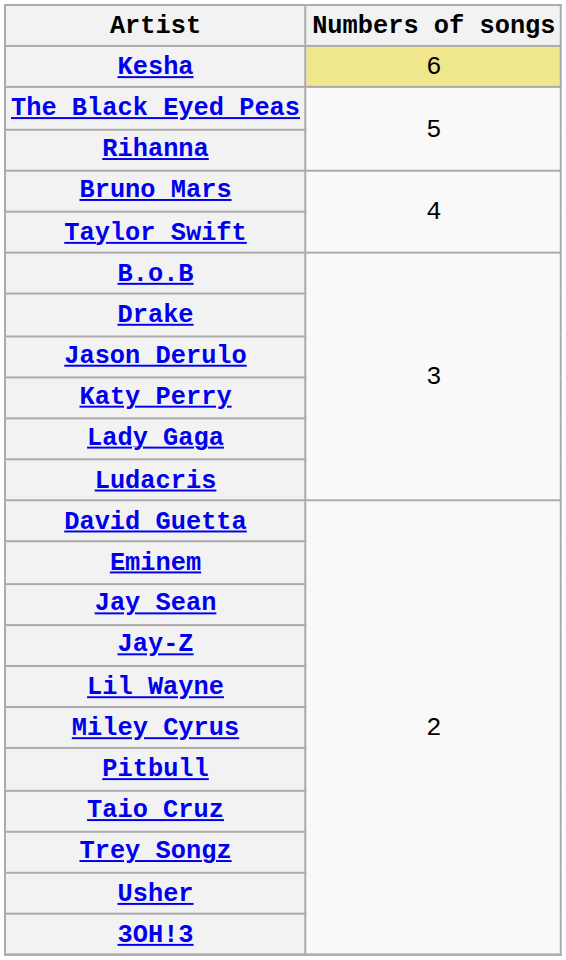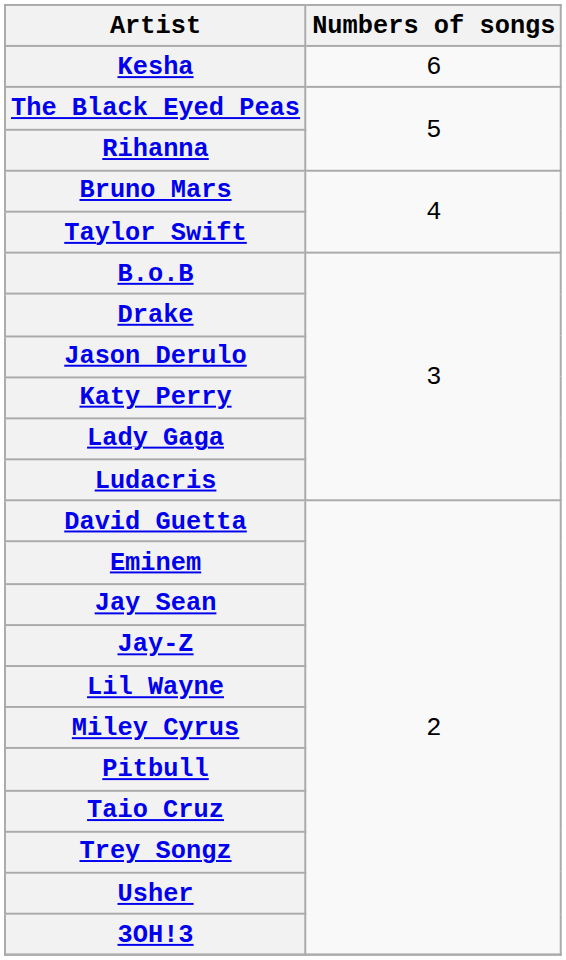 <table class="wikitable sortable plainrowheaders" style="text-align:center;">
 <tr>
 <th scope="col">Artist</th>
 <th scope="col">Numbers of songs</th>
 </tr>
 <tr>
 <th scope="row"><a href='#'>Kesha</a></th>
-<td style="background: khaki;">6</td>
+<td>6</td>
 </tr>
 <tr>
 <th scope="row"><a href='#'>The Black Eyed Peas</a></th>
 <td rowspan=2>5</td>
 </tr>
 <tr>
 <th scope="row"><a href='#'>Rihanna</a></th>
 </tr>
 <tr>
 <th scope="row"><a href='#'>Bruno Mars</a></th>
 <td rowspan="2">4</td>
 </tr>
 <tr>
 <th scope="row"><a href='#'>Taylor Swift</a></th>
 </tr>
 <tr>
 <th scope="row"><a href='#'>B.o.B</a></th>
 <td rowspan="6">3</td>
 </tr>
 <tr>
 <th scope="row"><a href='#'>Drake</a></th>
 </tr>
 <tr>
 <th scope="row"><a href='#'>Jason Derulo</a></th>
 </tr>
 <tr>
 <th scope="row"><a href='#'>Katy Perry</a></th>
 </tr>
 <tr>
 <th scope="row"><a href='#'>Lady Gaga</a></th>
 </tr>
 <tr>
 <th scope="row"><a href='#'>Ludacris</a></th>
 </tr>
 <tr>
 <th scope="row"><a href='#'>David Guetta</a></th>
 <td rowspan="11">2</td>
 </tr>
 <tr>
 <th scope="row"><a href='#'>Eminem</a></th>
 </tr>
 <tr>
 <th scope="row"><a href='#'>Jay Sean</a></th>
 </tr>
 <tr>
 <th scope="row"><a href='#'>Jay-Z</a></th>
 </tr>
 <tr>
 <th scope="row"><a href='#'>Lil Wayne</a></th>
 </tr>
 <tr>
 <th scope="row"><a href='#'>Miley Cyrus</a></th>
 </tr>
 <tr>
 <th scope="row"><a href='#'>Pitbull</a></th>
 </tr>
 <tr>
 <th scope="row"><a href='#'>Taio Cruz</a></th>
 </tr>
 <tr>
 <th scope="row"><a href='#'>Trey Songz</a></th>
 </tr>
 <tr>
 <th scope="row"><a href='#'>Usher</a></th>
 </tr>
 <tr>
 <th scope="row"><a href='#'>3OH!3</a></th>
 </tr>
 <tr>
 </tr>
 </table>
